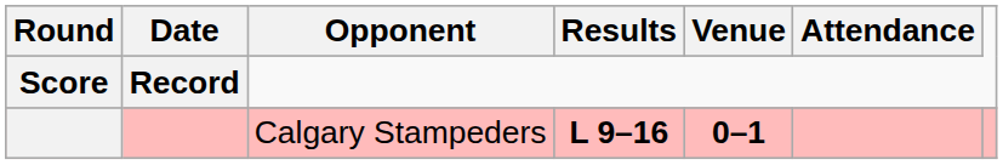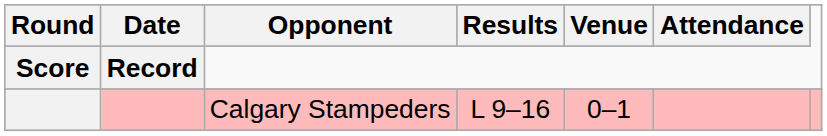 <table class="wikitable" style="text-align:center">
 <tr>
 <th>Round</th>
 <th>Date</th>
 <th>Opponent</th>
 <th>Results</th>
 <th>Venue</th>
 <th>Attendance</th>
 </tr>
 <tr>
 <th>Score</th>
 <th>Record</th>
 </tr>
 <tr style="background:#ffbbbb">
 <th></th>
 <td></td>
 <td>Calgary Stampeders</td>
-<td><strong>L 9–16</strong></td>
-<td><strong>0–1</strong></td>
+<td>L 9–16</td>
+<td>0–1</td>
 <td></td>
 <td></td>
 </tr>
 </table>
